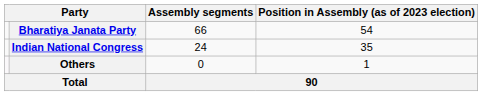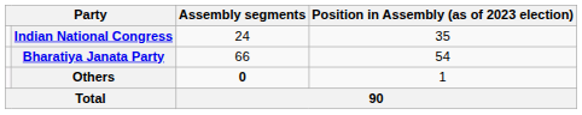 <table class="wikitable" style="text-align:center">
 <tr>
 <th colspan=2>Party</th>
 <th>Assembly segments</th>
 <th>Position in Assembly (as of 2023 election)</th>
 </tr>
 <tr>
 <td></td>
+<th><a href='#'>Indian National Congress</a></th>
+<td>24</td>
+<td>35</td>
+</tr>
+<tr>
+<td></td>
 <th><a href='#'>Bharatiya Janata Party</a></th>
 <td>66</td>
 <td>54</td>
 </tr>
 <tr>
-<td></td>
-<th><a href='#'>Indian National Congress</a></th>
-<td>24</td>
-<td>35</td>
-</tr>
-<tr>
 <td bgcolor=#faf8fa></td>
 <th>Others</th>
-<td>0</td>
+<td><strong>0</strong></td>
 <td>1</td>
 </tr>
 <tr>
 <th colspan=2>Total</th>
 <th colspan=2>90</th>
 </tr>
 </table>
